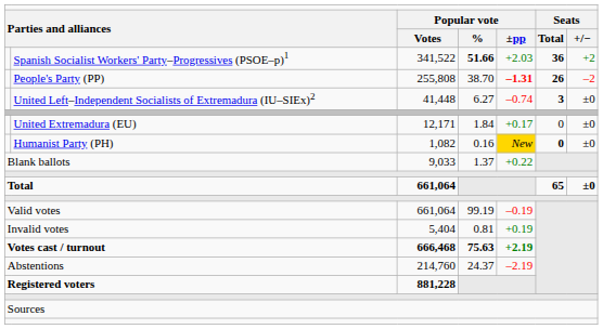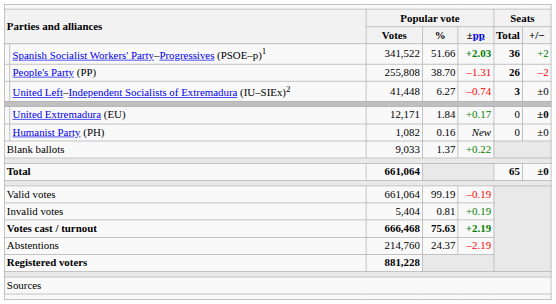 <table class="wikitable" style="text-align:right;">
 <tr>
 <td colspan="7"></td>
 </tr>
 <tr>
 <th style="text-align:left;" rowspan="2" colspan="2" width="525">Parties and alliances</th>
 <th colspan="3">Popular vote</th>
 <th colspan="2">Seats</th>
 </tr>
 <tr>
 <th width="75">Votes</th>
 <th width="45">%</th>
 <th width="45">±<a href='#'>pp</a></th>
 <th width="35">Total</th>
 <th width="35">+/−</th>
 </tr>
 <tr>
 <td width="1" style="color:inherit;background:"></td>
 <td align="left"><a href='#'>Spanish Socialist Workers' Party</a>–<a href='#'>Progressives</a> (PSOE–p)<sup>1</sup></td>
 <td>341,522</td>
-<td><strong>51.66</strong></td>
-<td style="color:green;">+2.03</td>
+<td>51.66</td>
+<td style="color:green;"><strong>+2.03</strong></td>
 <td><strong>36</strong></td>
 <td style="color:green;">+2</td>
 </tr>
 <tr>
 <td style="color:inherit;background:"></td>
 <td align="left"><a href='#'>People's Party</a> (PP)</td>
 <td>255,808</td>
 <td>38.70</td>
-<td style="color:red;"><strong>–1.31</strong></td>
+<td style="color:red;">–1.31</td>
 <td><strong>26</strong></td>
 <td style="color:red;">–2</td>
 </tr>
 <tr>
 <td style="color:inherit;background:"></td>
 <td align="left"><a href='#'>United Left</a>–<a href='#'>Independent Socialists of Extremadura</a> (IU–SIEx)<sup>2</sup></td>
 <td>41,448</td>
 <td>6.27</td>
 <td style="color:red;">–0.74</td>
 <td><strong>3</strong></td>
 <td>±0</td>
 </tr>
 <tr>
 <td colspan="7" bgcolor="#C0C0C0"></td>
 </tr>
 <tr>
 <td style="color:inherit;background:"></td>
 <td align="left"><a href='#'>United Extremadura</a> (EU)</td>
 <td>12,171</td>
 <td>1.84</td>
 <td style="color:green;">+0.17</td>
 <td>0</td>
-<td>±0</td>
+<td><strong>±0</strong></td>
 </tr>
 <tr>
 <td style="color:inherit;background:"></td>
 <td align="left"><a href='#'>Humanist Party</a> (PH)</td>
 <td>1,082</td>
 <td>0.16</td>
-<td style="background: gold;"><em>New</em></td>
-<td><strong>0</strong></td>
+<td><em>New</em></td>
+<td>0</td>
 <td>±0</td>
 </tr>
 <tr>
 <td align="left" colspan="2">Blank ballots</td>
 <td>9,033</td>
 <td>1.37</td>
 <td style="color:green;">+0.22</td>
 <td bgcolor="#E9E9E9" colspan="2"></td>
 </tr>
 <tr>
 <td colspan="7" bgcolor="#E9E9E9"></td>
 </tr>
 <tr style="font-weight:bold;">
 <td align="left" colspan="2">Total</td>
 <td>661,064</td>
 <td bgcolor="#E9E9E9" colspan="2"></td>
 <td>65</td>
 <td>±0</td>
 </tr>
 <tr>
 <td colspan="7" bgcolor="#E9E9E9"></td>
 </tr>
 <tr>
 <td align="left" colspan="2">Valid votes</td>
 <td>661,064</td>
 <td>99.19</td>
 <td style="color:red;">–0.19</td>
 <td bgcolor="#E9E9E9" colspan="2" rowspan="5"></td>
 </tr>
 <tr>
 <td align="left" colspan="2">Invalid votes</td>
 <td>5,404</td>
 <td>0.81</td>
 <td style="color:green;">+0.19</td>
 </tr>
 <tr style="font-weight:bold;">
 <td align="left" colspan="2">Votes cast / turnout</td>
 <td>666,468</td>
 <td>75.63</td>
 <td style="color:green;">+2.19</td>
 </tr>
 <tr>
 <td align="left" colspan="2">Abstentions</td>
 <td>214,760</td>
 <td>24.37</td>
 <td style="color:red;">–2.19</td>
 </tr>
 <tr style="font-weight:bold;">
 <td align="left" colspan="2">Registered voters</td>
 <td>881,228</td>
 <td bgcolor="#E9E9E9" colspan="2"></td>
 </tr>
 <tr>
 <td colspan="7" bgcolor="#E9E9E9"></td>
 </tr>
 <tr>
 <td align="left" colspan="7">Sources</td>
 </tr>
 <tr>
 <td colspan="7" style="text-align:left; max-width:790px;"></td>
 </tr>
 </table>
